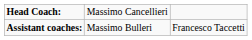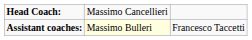 <table class="wikitable">
 <tr>
 <td><strong>Head Coach:</strong></td>
 <td> Massimo Cancellieri</td>
 </tr>
 <tr>
 <td><strong>Assistant coaches:</strong></td>
-<td> Massimo Bulleri</td>
+<td style="background: lightyellow;"> Massimo Bulleri</td>
 <td> Francesco Taccetti</td>
 </tr>
 </table>
